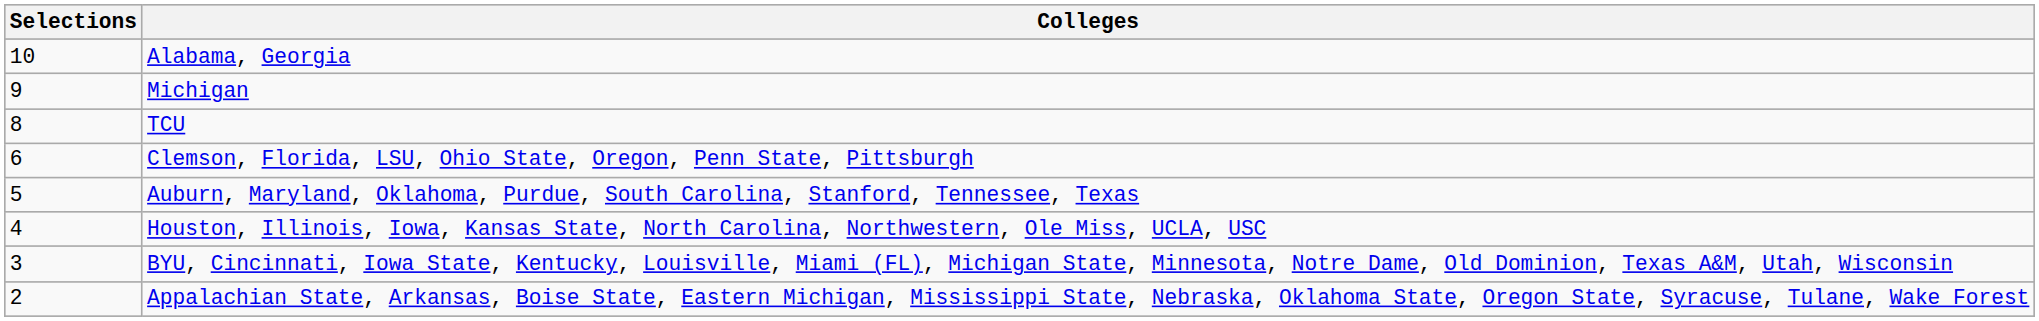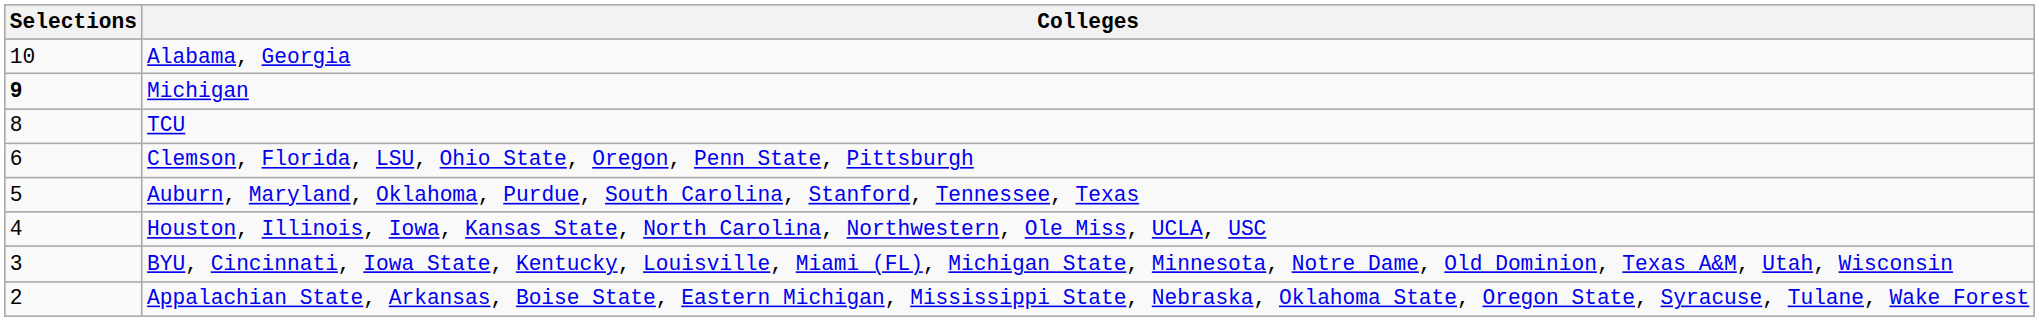 <table class="wikitable">
 <tr>
 <th>Selections</th>
 <th>Colleges</th>
 </tr>
 <tr>
 <td>10</td>
 <td><a href='#'>Alabama</a>, <a href='#'>Georgia</a></td>
 </tr>
 <tr>
-<td>9</td>
+<td><strong>9</strong></td>
 <td><a href='#'>Michigan</a></td>
 </tr>
 <tr>
 <td>8</td>
 <td><a href='#'>TCU</a></td>
 </tr>
 <tr>
 <td>6</td>
 <td><a href='#'>Clemson</a>, <a href='#'>Florida</a>, <a href='#'>LSU</a>, <a href='#'>Ohio State</a>, <a href='#'>Oregon</a>, <a href='#'>Penn State</a>, <a href='#'>Pittsburgh</a></td>
 </tr>
 <tr>
 <td>5</td>
 <td><a href='#'>Auburn</a>, <a href='#'>Maryland</a>, <a href='#'>Oklahoma</a>, <a href='#'>Purdue</a>, <a href='#'>South Carolina</a>, <a href='#'>Stanford</a>, <a href='#'>Tennessee</a>, <a href='#'>Texas</a></td>
 </tr>
 <tr>
 <td>4</td>
 <td><a href='#'>Houston</a>, <a href='#'>Illinois</a>, <a href='#'>Iowa</a>, <a href='#'>Kansas State</a>, <a href='#'>North Carolina</a>, <a href='#'>Northwestern</a>, <a href='#'>Ole Miss</a>, <a href='#'>UCLA</a>, <a href='#'>USC</a></td>
 </tr>
 <tr>
 <td>3</td>
 <td><a href='#'>BYU</a>, <a href='#'>Cincinnati</a>, <a href='#'>Iowa State</a>, <a href='#'>Kentucky</a>, <a href='#'>Louisville</a>, <a href='#'>Miami (FL)</a>, <a href='#'>Michigan State</a>, <a href='#'>Minnesota</a>, <a href='#'>Notre Dame</a>, <a href='#'>Old Dominion</a>, <a href='#'>Texas A&M</a>, <a href='#'>Utah</a>, <a href='#'>Wisconsin</a></td>
 </tr>
 <tr>
 <td>2</td>
 <td><a href='#'>Appalachian State</a>, <a href='#'>Arkansas</a>, <a href='#'>Boise State</a>, <a href='#'>Eastern Michigan</a>, <a href='#'>Mississippi State</a>, <a href='#'>Nebraska</a>, <a href='#'>Oklahoma State</a>, <a href='#'>Oregon State</a>, <a href='#'>Syracuse</a>, <a href='#'>Tulane</a>, <a href='#'>Wake Forest</a></td>
 </tr>
 </table>
